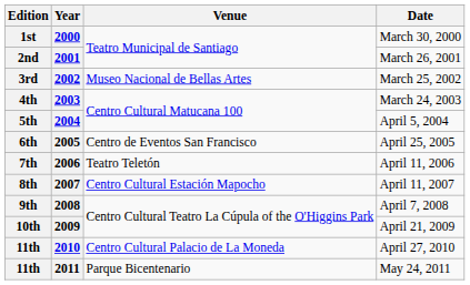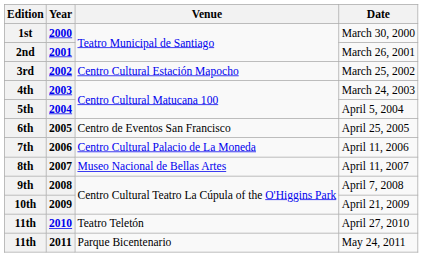 <table class="wikitable" style="font-size:95%;">
 <tr>
 <th>Edition</th>
 <th>Year</th>
 <th>Venue</th>
 <th>Date</th>
 </tr>
 <tr>
 <th>1st</th>
 <th><a href='#'>2000</a></th>
 <td rowspan=2><a href='#'>Teatro Municipal de Santiago</a></td>
 <td>March 30, 2000</td>
 </tr>
 <tr>
 <th>2nd</th>
 <th><a href='#'>2001</a></th>
 <td>March 26, 2001</td>
 </tr>
 <tr>
 <th>3rd</th>
 <th><a href='#'>2002</a></th>
-<td><a href='#'>Museo Nacional de Bellas Artes</a></td>
+<td><a href='#'>Centro Cultural Estación Mapocho</a></td>
 <td>March 25, 2002</td>
 </tr>
 <tr>
 <th>4th</th>
 <th><a href='#'>2003</a></th>
 <td rowspan=2><a href='#'>Centro Cultural Matucana 100</a></td>
 <td>March 24, 2003</td>
 </tr>
 <tr>
 <th>5th</th>
 <th><a href='#'>2004</a></th>
 <td>April 5, 2004</td>
 </tr>
 <tr>
 <th>6th</th>
 <th>2005</th>
 <td>Centro de Eventos San Francisco</td>
 <td>April 25, 2005</td>
 </tr>
 <tr>
 <th>7th</th>
 <th>2006</th>
-<td>Teatro Teletón</td>
+<td><a href='#'>Centro Cultural Palacio de La Moneda</a></td>
 <td>April 11, 2006</td>
 </tr>
 <tr>
 <th>8th</th>
 <th>2007</th>
-<td><a href='#'>Centro Cultural Estación Mapocho</a></td>
+<td><a href='#'>Museo Nacional de Bellas Artes</a></td>
 <td>April 11, 2007</td>
 </tr>
 <tr>
 <th>9th</th>
 <th>2008</th>
 <td rowspan=2>Centro Cultural Teatro La Cúpula of the <a href='#'>O'Higgins Park</a></td>
 <td>April 7, 2008</td>
 </tr>
 <tr>
 <th>10th</th>
 <th>2009</th>
 <td>April 21, 2009</td>
 </tr>
 <tr>
 <th>11th</th>
 <th><a href='#'>2010</a></th>
-<td><a href='#'>Centro Cultural Palacio de La Moneda</a></td>
+<td>Teatro Teletón</td>
 <td>April 27, 2010</td>
 </tr>
 <tr>
 <th>11th</th>
 <th>2011</th>
 <td>Parque Bicentenario</td>
 <td>May 24, 2011</td>
 </tr>
 </table>
